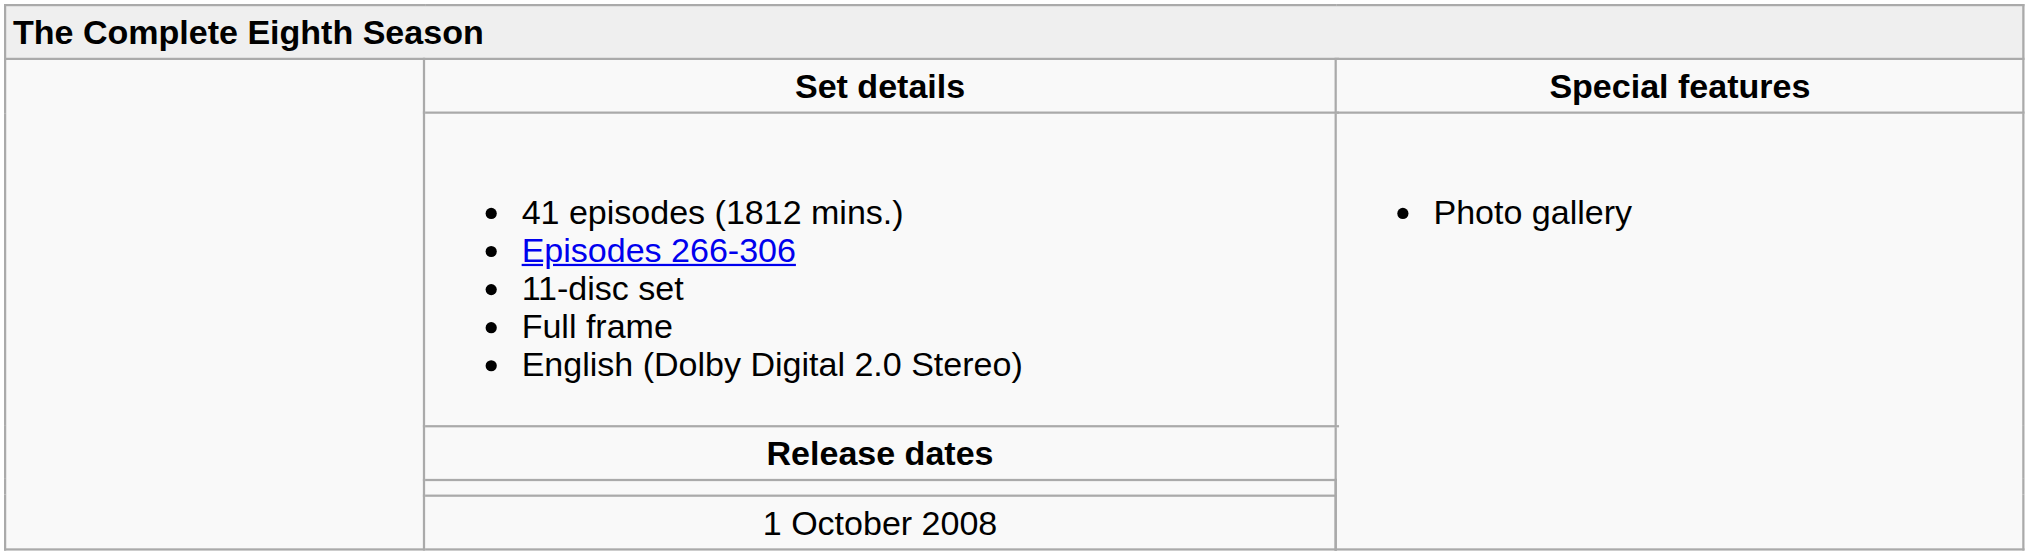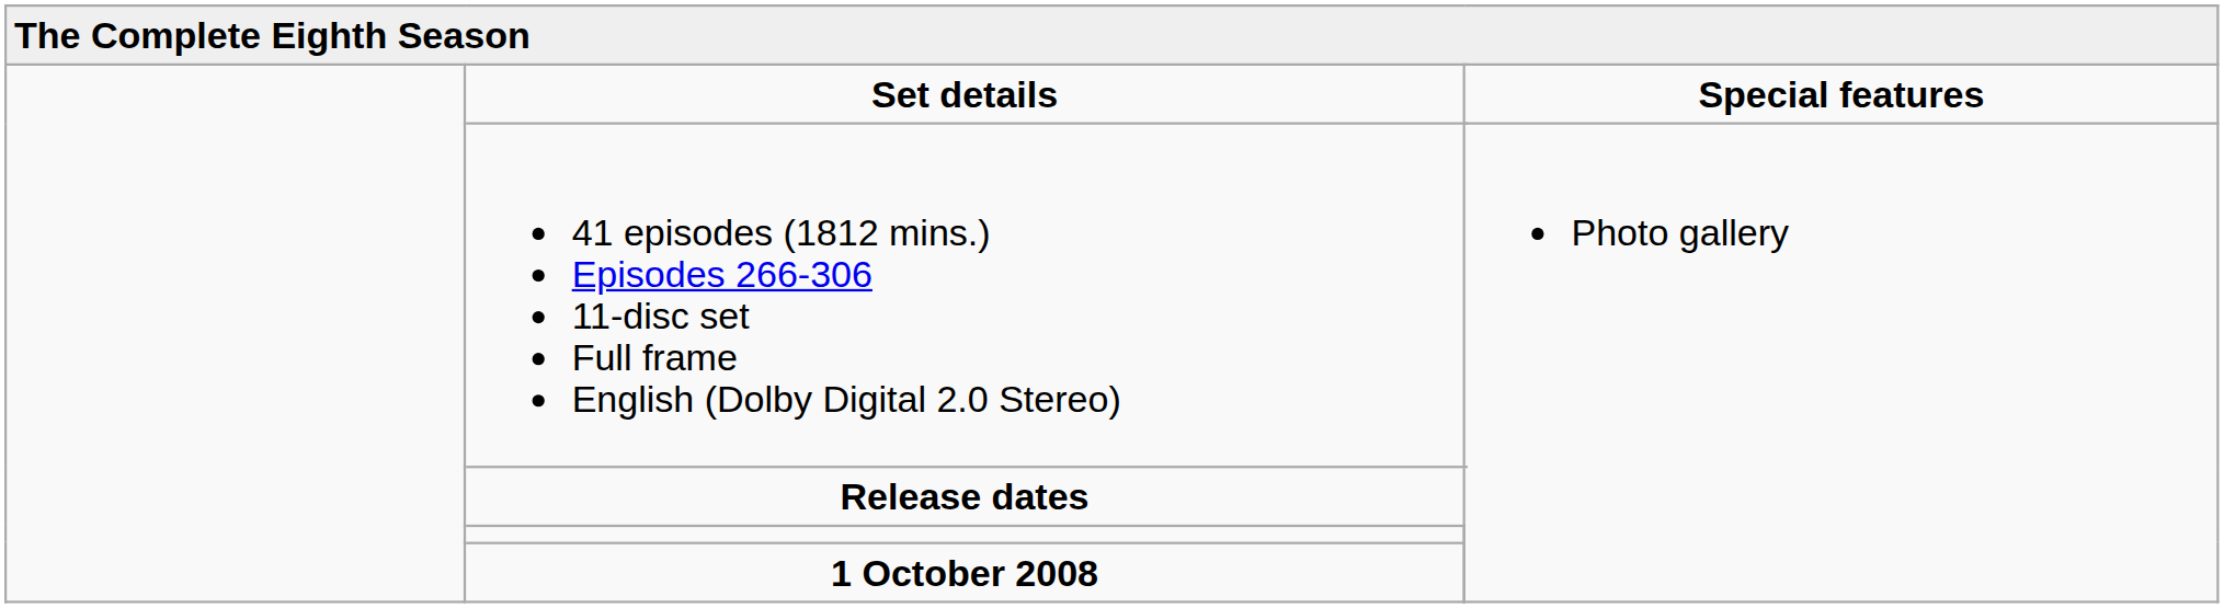 <table class="wikitable" style="font-size: 95%;">
 <tr style="background:#EFEFEF">
 <td colspan="5"><strong>The Complete Eighth Season</strong></td>
 </tr>
 <tr>
 <td rowspan="5" align="center" width="180"></td>
 <td align="center" width="350" colspan="3"><strong>Set details</strong></td>
 <td width="250" align="center"><strong>Special features</strong></td>
 </tr>
 <tr valign="top">
 <td colspan="3" align="left" width="400"><br><ul><li>41 episodes (1812 mins.)</li><li><a href='#'>Episodes 266-306</a></li><li>11-disc set</li><li>Full frame</li><li>English (Dolby Digital 2.0 Stereo)</li></ul></td>
 <td rowspan="4" align="left" width="300"><br><ul><li>Photo gallery</li></ul></td>
 </tr>
 <tr>
 <td colspan="3" align="center"><strong>Release dates</strong></td>
 </tr>
 <tr>
 <td align="center"></td>
 </tr>
 <tr>
-<td align="center">1 October 2008</td>
+<td align="center"><strong>1 October 2008</strong></td>
 </tr>
 </table>
